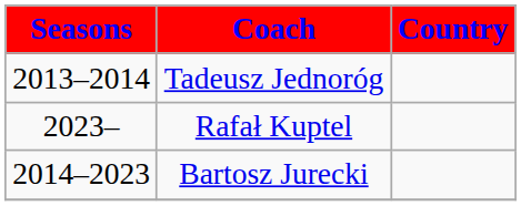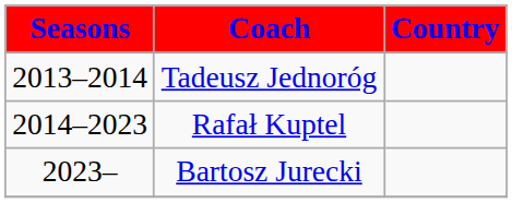 <table class="wikitable" style="text-align: center">
 <tr>
 <th style="color:#0000FF; background:#FF0000">Seasons</th>
 <th style="color:#0000FF; background:#FF0000">Coach</th>
 <th style="color:#0000FF; background:#FF0000">Country</th>
 </tr>
 <tr>
 <td style="text-align: center">2013–2014</td>
 <td style="text-align: center"><a href='#'>Tadeusz Jednoróg</a></td>
 <td style="text-align: center"></td>
 </tr>
 <tr>
-<td style="text-align: center">2023–</td>
+<td style="text-align: center">2014–2023</td>
 <td style="text-align: center"><a href='#'>Rafał Kuptel</a></td>
 <td style="text-align: center"></td>
 </tr>
 <tr>
-<td style="text-align: center">2014–2023</td>
+<td style="text-align: center">2023–</td>
 <td style="text-align: center"><a href='#'>Bartosz Jurecki</a></td>
 <td style="text-align: center"></td>
 </tr>
 <tr>
 </tr>
 </table>
